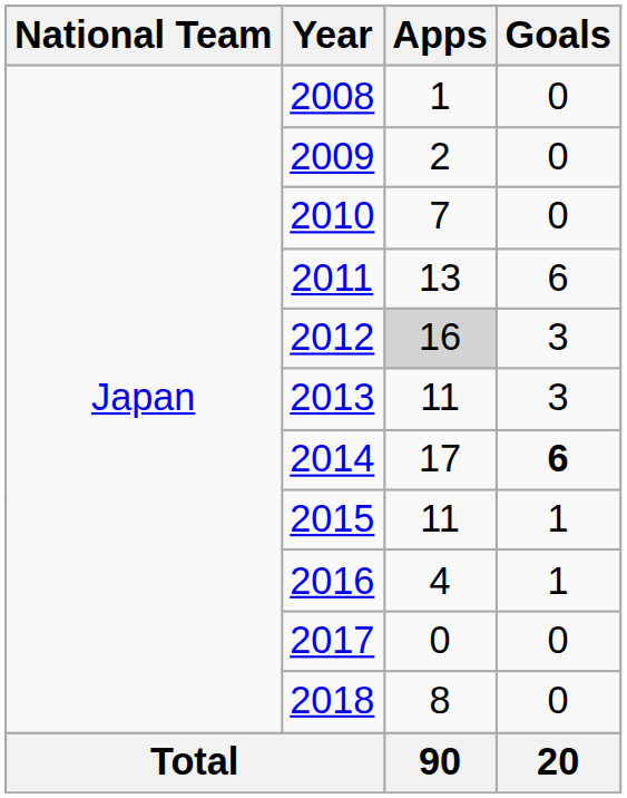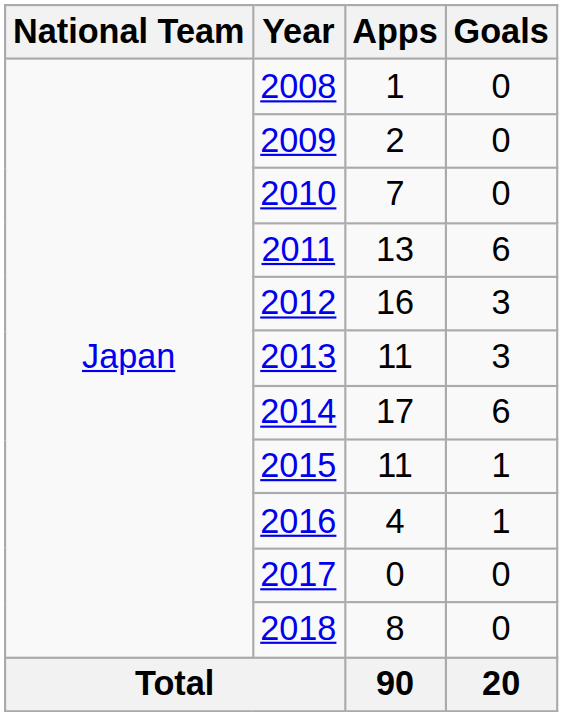 <table class="wikitable" style="text-align:center">
 <tr>
 <th>National Team</th>
 <th>Year</th>
 <th>Apps</th>
 <th>Goals</th>
 </tr>
 <tr>
 <td rowspan="11"><a href='#'>Japan</a></td>
 <td><a href='#'>2008</a></td>
 <td>1</td>
 <td>0</td>
 </tr>
 <tr>
 <td><a href='#'>2009</a></td>
 <td>2</td>
 <td>0</td>
 </tr>
 <tr>
 <td><a href='#'>2010</a></td>
 <td>7</td>
 <td>0</td>
 </tr>
 <tr>
 <td><a href='#'>2011</a></td>
 <td>13</td>
 <td>6</td>
 </tr>
 <tr>
 <td><a href='#'>2012</a></td>
-<td style="background: lightgrey;">16</td>
+<td>16</td>
 <td>3</td>
 </tr>
 <tr>
 <td><a href='#'>2013</a></td>
 <td>11</td>
 <td>3</td>
 </tr>
 <tr>
 <td><a href='#'>2014</a></td>
 <td>17</td>
-<td><strong>6</strong></td>
+<td>6</td>
 </tr>
 <tr>
 <td><a href='#'>2015</a></td>
 <td>11</td>
 <td>1</td>
 </tr>
 <tr>
 <td><a href='#'>2016</a></td>
 <td>4</td>
 <td>1</td>
 </tr>
 <tr>
 <td><a href='#'>2017</a></td>
 <td>0</td>
 <td>0</td>
 </tr>
 <tr>
 <td><a href='#'>2018</a></td>
 <td>8</td>
 <td>0</td>
 </tr>
 <tr>
 <th colspan="2">Total</th>
 <th>90</th>
 <th>20</th>
 </tr>
 </table>
